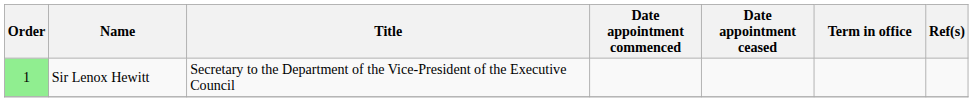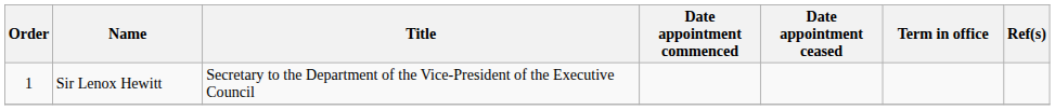 <table class="wikitable">
 <tr>
 <th width=5>Order</th>
 <th width=150>Name</th>
 <th width=450>Title</th>
 <th width=120>Date appointment<br>commenced</th>
 <th width=120>Date appointment<br>ceased</th>
 <th width=120>Term in office</th>
 <th width=10>Ref(s)</th>
 </tr>
 <tr>
-<td align=center style="background: lightgreen;">1</td>
+<td align=center>1</td>
 <td>Sir Lenox Hewitt</td>
 <td>Secretary to the Department of the Vice-President of the Executive Council</td>
 <td align=center></td>
 <td align=center></td>
 <td align=right></td>
 <td></td>
 </tr>
 <tr>
 </tr>
 </table>
